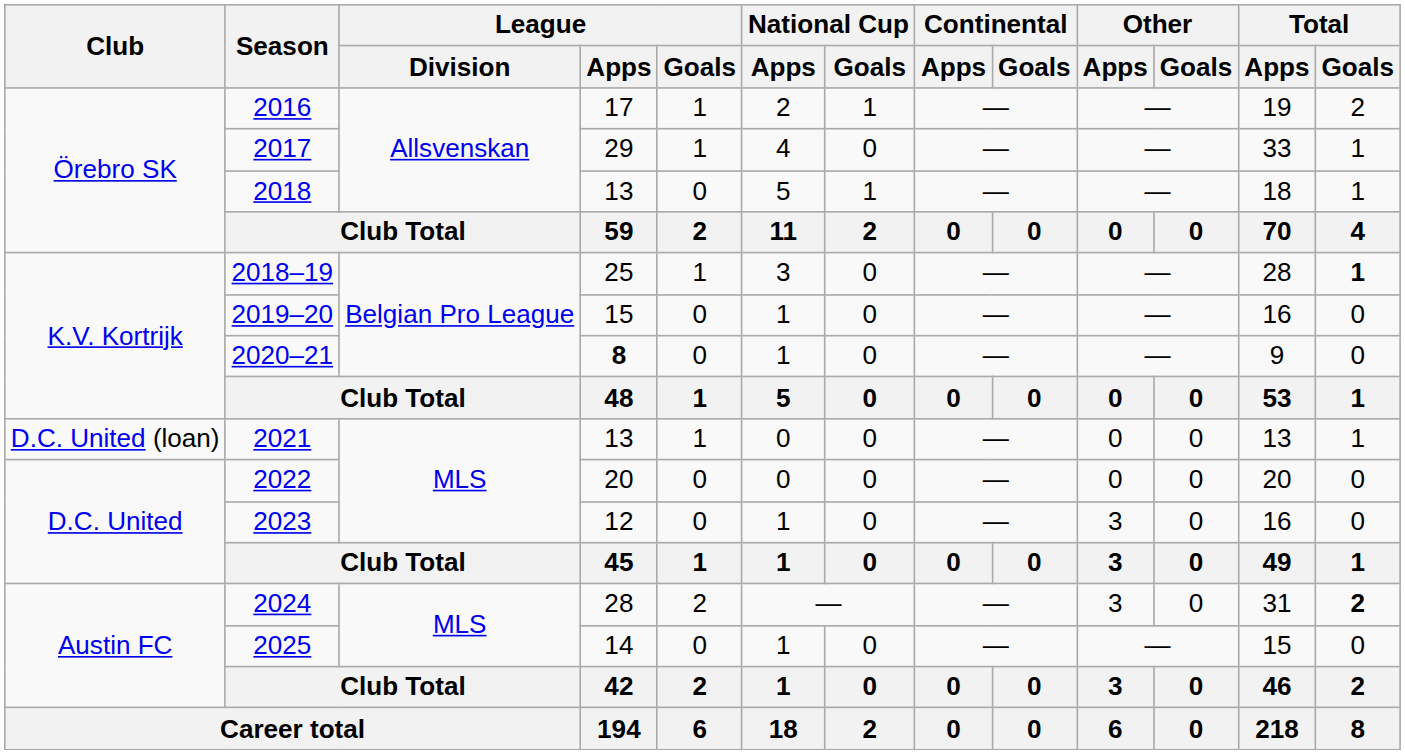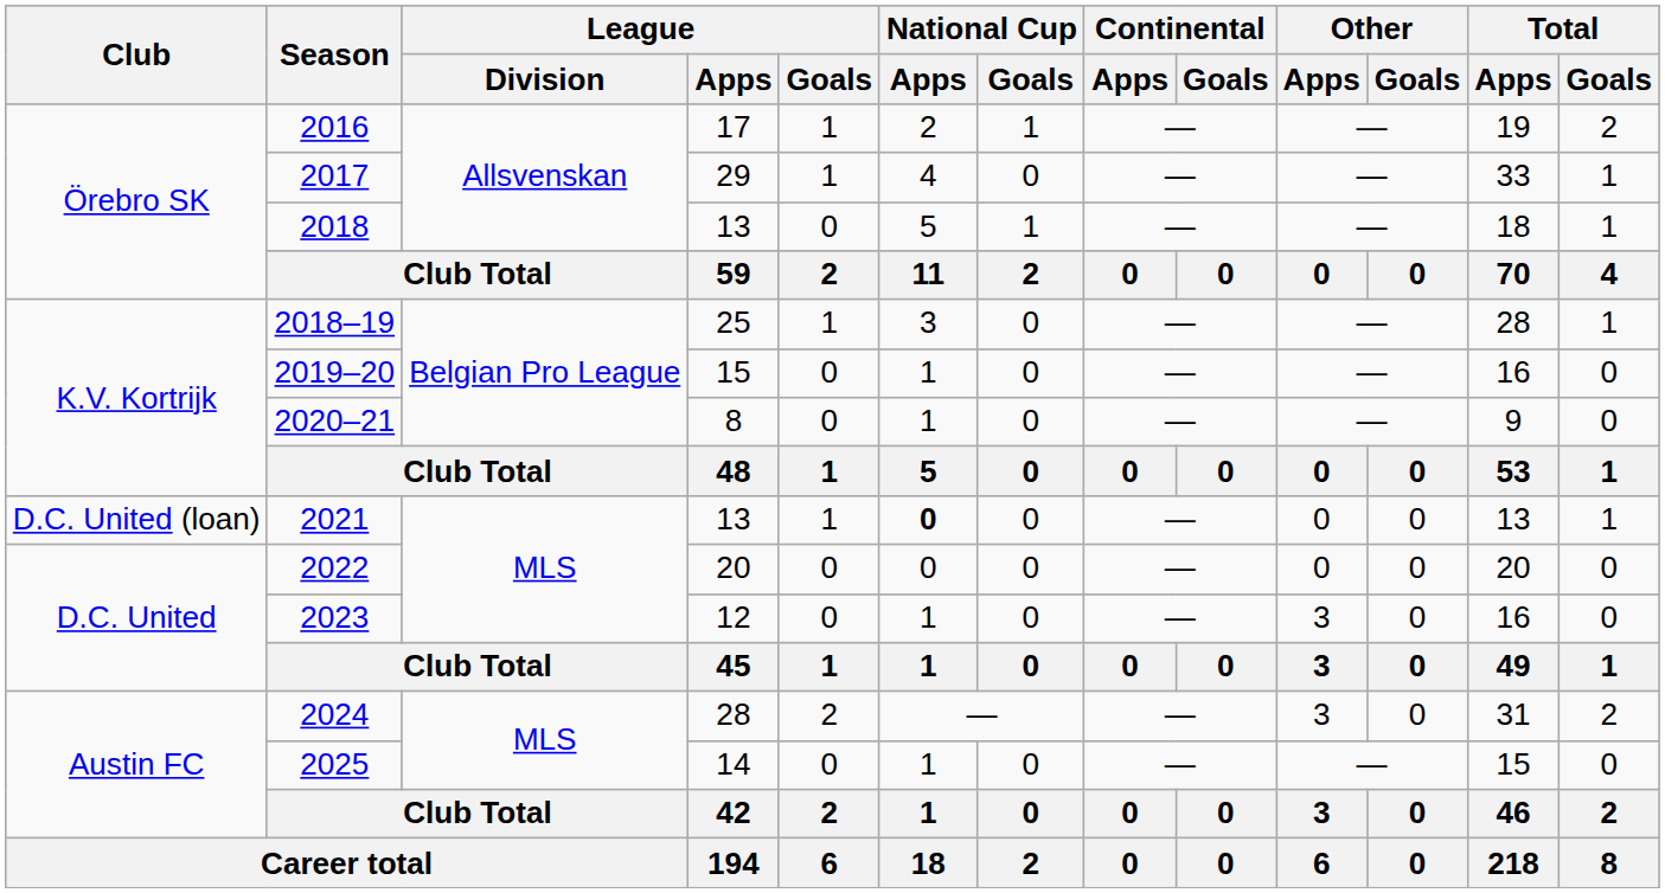 <table class=wikitable style=text-align:center>
 <tr>
 <th rowspan=2>Club</th>
 <th rowspan=2>Season</th>
 <th colspan=3>League</th>
 <th colspan=2>National Cup</th>
 <th colspan=2>Continental</th>
 <th colspan=2>Other</th>
 <th colspan=2>Total</th>
 </tr>
 <tr>
 <th>Division</th>
 <th>Apps</th>
 <th>Goals</th>
 <th>Apps</th>
 <th>Goals</th>
 <th>Apps</th>
 <th>Goals</th>
 <th>Apps</th>
 <th>Goals</th>
 <th>Apps</th>
 <th>Goals</th>
 </tr>
 <tr>
 <td rowspan=4><a href='#'>Örebro SK</a></td>
 <td><a href='#'>2016</a></td>
 <td rowspan=3><a href='#'>Allsvenskan</a></td>
 <td>17</td>
 <td>1</td>
 <td>2</td>
 <td>1</td>
 <td colspan=2>—</td>
 <td colspan=2>—</td>
 <td>19</td>
 <td>2</td>
 </tr>
 <tr>
 <td><a href='#'>2017</a></td>
 <td>29</td>
 <td>1</td>
 <td>4</td>
 <td>0</td>
 <td colspan=2>—</td>
 <td colspan=2>—</td>
 <td>33</td>
 <td>1</td>
 </tr>
 <tr>
 <td><a href='#'>2018</a></td>
 <td>13</td>
 <td>0</td>
 <td>5</td>
 <td>1</td>
 <td colspan=2>—</td>
 <td colspan=2>—</td>
 <td>18</td>
 <td>1</td>
 </tr>
 <tr>
 <th colspan=2>Club Total</th>
 <th>59</th>
 <th>2</th>
 <th>11</th>
 <th>2</th>
 <th>0</th>
 <th>0</th>
 <th>0</th>
 <th>0</th>
 <th>70</th>
 <th>4</th>
 </tr>
 <tr>
 <td rowspan=4><a href='#'>K.V. Kortrijk</a></td>
 <td><a href='#'>2018–19</a></td>
 <td rowspan=3><a href='#'>Belgian Pro League</a></td>
 <td>25</td>
 <td>1</td>
 <td>3</td>
 <td>0</td>
 <td colspan=2>—</td>
 <td colspan=2>—</td>
 <td>28</td>
-<td><strong>1</strong></td>
+<td>1</td>
 </tr>
 <tr>
 <td><a href='#'>2019–20</a></td>
 <td>15</td>
 <td>0</td>
 <td>1</td>
 <td>0</td>
 <td colspan=2>—</td>
 <td colspan=2>—</td>
 <td>16</td>
 <td>0</td>
 </tr>
 <tr>
 <td><a href='#'>2020–21</a></td>
-<td><strong>8</strong></td>
+<td>8</td>
 <td>0</td>
 <td>1</td>
 <td>0</td>
 <td colspan=2>—</td>
 <td colspan=2>—</td>
 <td>9</td>
 <td>0</td>
 </tr>
 <tr>
 <th colspan=2>Club Total</th>
 <th>48</th>
 <th>1</th>
 <th>5</th>
 <th>0</th>
 <th>0</th>
 <th>0</th>
 <th>0</th>
 <th>0</th>
 <th>53</th>
 <th>1</th>
 </tr>
 <tr>
 <td><a href='#'>D.C. United</a> (loan)</td>
 <td><a href='#'>2021</a></td>
 <td rowspan=3><a href='#'>MLS</a></td>
 <td>13</td>
 <td>1</td>
-<td>0</td>
+<td><strong>0</strong></td>
 <td>0</td>
 <td colspan=2>—</td>
 <td>0</td>
 <td>0</td>
 <td>13</td>
 <td>1</td>
 </tr>
 <tr>
 <td rowspan=3><a href='#'>D.C. United</a></td>
 <td><a href='#'>2022</a></td>
 <td>20</td>
 <td>0</td>
 <td>0</td>
 <td>0</td>
 <td colspan=2>—</td>
 <td>0</td>
 <td>0</td>
 <td>20</td>
 <td>0</td>
 </tr>
 <tr>
 <td><a href='#'>2023</a></td>
 <td>12</td>
 <td>0</td>
 <td>1</td>
 <td>0</td>
 <td colspan=2>—</td>
 <td>3</td>
 <td>0</td>
 <td>16</td>
 <td>0</td>
 </tr>
 <tr>
 <th colspan=2>Club Total</th>
 <th>45</th>
 <th>1</th>
 <th>1</th>
 <th>0</th>
 <th>0</th>
 <th>0</th>
 <th>3</th>
 <th>0</th>
 <th>49</th>
 <th>1</th>
 </tr>
 <tr>
 <td rowspan=3><a href='#'>Austin FC</a></td>
 <td><a href='#'>2024</a></td>
 <td rowspan=2><a href='#'>MLS</a></td>
 <td>28</td>
 <td>2</td>
 <td colspan=2>—</td>
 <td colspan=2>—</td>
 <td>3</td>
 <td>0</td>
 <td>31</td>
-<td><strong>2</strong></td>
+<td>2</td>
 </tr>
 <tr>
 <td><a href='#'>2025</a></td>
 <td>14</td>
 <td>0</td>
 <td>1</td>
 <td>0</td>
 <td colspan=2>—</td>
 <td colspan=2>—</td>
 <td>15</td>
 <td>0</td>
 </tr>
 <tr>
 <th colspan=2>Club Total</th>
 <th>42</th>
 <th>2</th>
 <th>1</th>
 <th>0</th>
 <th>0</th>
 <th>0</th>
 <th>3</th>
 <th>0</th>
 <th>46</th>
 <th>2</th>
 </tr>
 <tr>
 <th colspan=3>Career total</th>
 <th>194</th>
 <th>6</th>
 <th>18</th>
 <th>2</th>
 <th>0</th>
 <th>0</th>
 <th>6</th>
 <th>0</th>
 <th>218</th>
 <th>8</th>
 </tr>
 </table>
